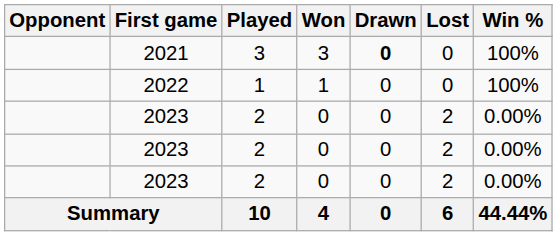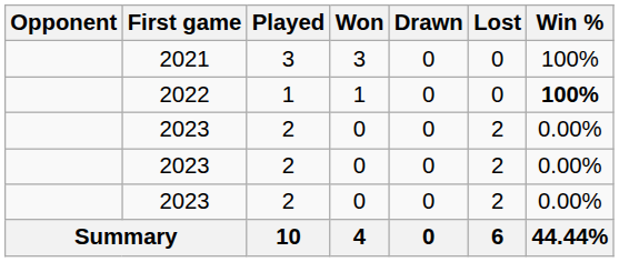 <table class="wikitable sortable" style="text-align:center;">
 <tr>
 <th>Opponent</th>
 <th>First game</th>
 <th>Played</th>
 <th>Won</th>
 <th>Drawn</th>
 <th>Lost</th>
 <th>Win %</th>
 </tr>
 <tr>
 <td style="text-align: left;"></td>
 <td>2021</td>
 <td>3</td>
 <td>3</td>
-<td><strong>0</strong></td>
+<td>0</td>
 <td>0</td>
 <td>100%</td>
 </tr>
 <tr>
 <td style="text-align: left;"></td>
 <td>2022</td>
 <td>1</td>
 <td>1</td>
 <td>0</td>
 <td>0</td>
-<td>100%</td>
+<td><strong>100%</strong></td>
 </tr>
 <tr>
 <td style="text-align: left;"></td>
 <td>2023</td>
 <td>2</td>
 <td>0</td>
 <td>0</td>
 <td>2</td>
 <td>0.00%</td>
 </tr>
 <tr>
 <td style="text-align: left;"></td>
 <td>2023</td>
 <td>2</td>
 <td>0</td>
 <td>0</td>
 <td>2</td>
 <td>0.00%</td>
 </tr>
 <tr>
 <td style="text-align: left;"></td>
 <td>2023</td>
 <td>2</td>
 <td>0</td>
 <td>0</td>
 <td>2</td>
 <td>0.00%</td>
 </tr>
 <tr>
 <th colspan="2">Summary</th>
 <th>10</th>
 <th>4</th>
 <th>0</th>
 <th>6</th>
 <th>44.44%</th>
 </tr>
 </table>
